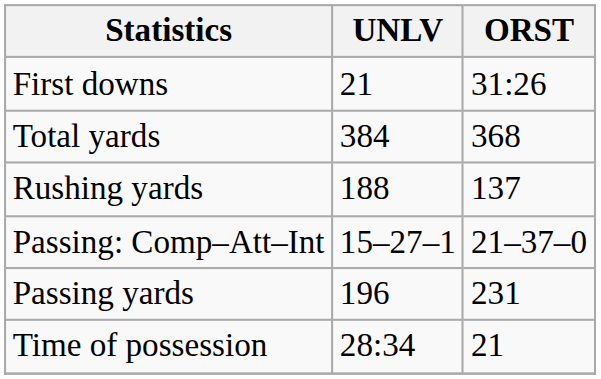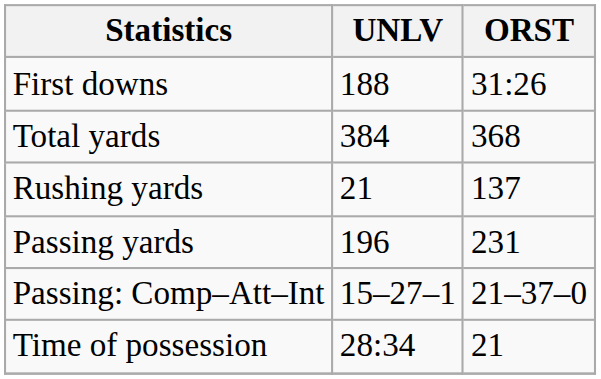 <table class="wikitable" style="float: left;">
 <tr>
 <th>Statistics</th>
 <th>UNLV</th>
 <th>ORST</th>
 </tr>
 <tr>
 <td>First downs</td>
-<td>21</td>
+<td>188</td>
 <td>31:26</td>
 </tr>
 <tr>
 <td>Total yards</td>
 <td>384</td>
 <td>368</td>
 </tr>
 <tr>
 <td>Rushing yards</td>
-<td>188</td>
+<td>21</td>
 <td>137</td>
+</tr>
+<tr>
+<td>Passing yards</td>
+<td>196</td>
+<td>231</td>
 </tr>
 <tr>
 <td>Passing: Comp–Att–Int</td>
 <td>15–27–1</td>
 <td>21–37–0</td>
-</tr>
-<tr>
-<td>Passing yards</td>
-<td>196</td>
-<td>231</td>
 </tr>
 <tr>
 <td>Time of possession</td>
 <td>28:34</td>
 <td>21</td>
 </tr>
 <tr>
 </tr>
 </table>
